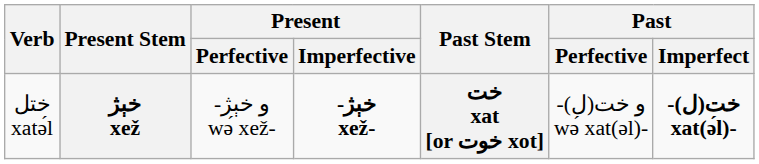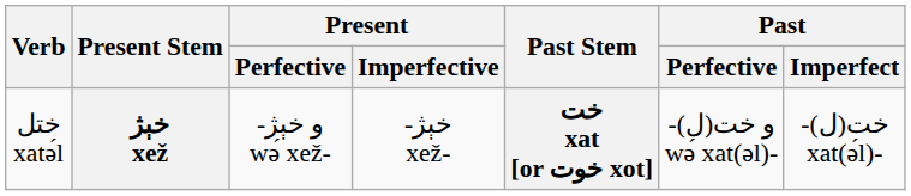 <table class="wikitable" style="text-align: center">
 <tr>
 <th rowspan="2">Verb</th>
 <th rowspan="2">Present Stem</th>
 <th colspan="2">Present</th>
 <th rowspan="2">Past Stem</th>
 <th colspan="2">Past</th>
 </tr>
 <tr>
 <th>Perfective</th>
 <th>Imperfective</th>
 <th>Perfective</th>
 <th>Imperfect</th>
 </tr>
 <tr>
 <td>ختل<br> xatә́l</td>
 <th>خېژ<br> xež</th>
 <td>-و خېژ<br> wә́ xež-</td>
-<td><strong>-خېژ<br> xež-</strong></td>
+<td>-خېژ<br> xež-</td>
 <th>خت<br>xat<br>[or خوت xot]</th>
 <td>-(و خت(ل <br>wә́ xat(əl)-</td>
-<td><strong>-(خت(ل <br>xat(ә́l)-</strong></td>
+<td>-(خت(ل <br>xat(ә́l)-</td>
 </tr>
 </table>
